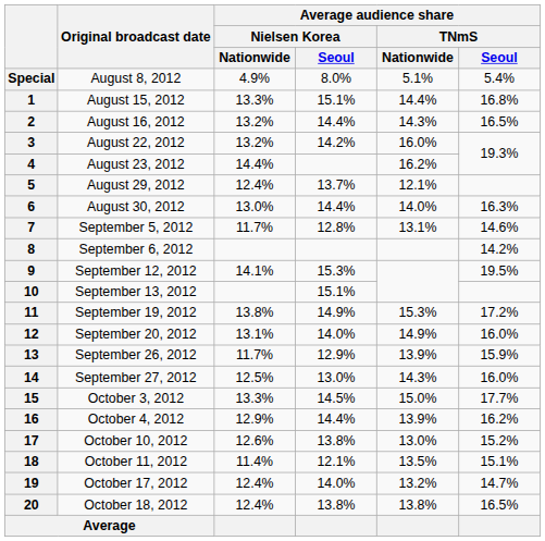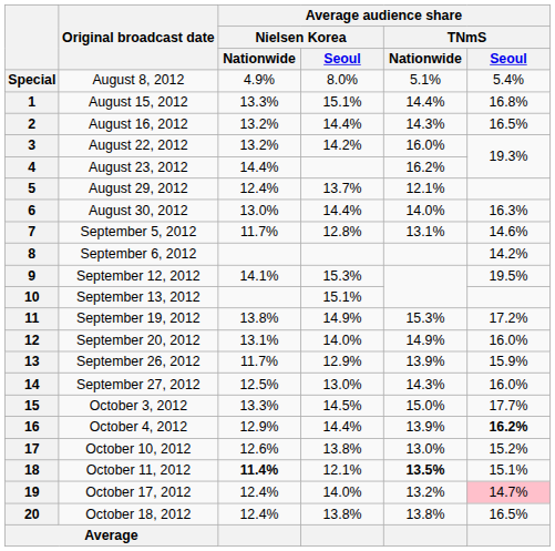 <table class="wikitable" style="text-align:center">
 <tr>
 <th rowspan="3"></th>
 <th rowspan="3">Original broadcast date</th>
 <th colspan="4">Average audience share</th>
 </tr>
 <tr>
 <th colspan="2">Nielsen Korea</th>
 <th colspan="2">TNmS</th>
 </tr>
 <tr>
 <th width="90">Nationwide</th>
 <th width="90"><a href='#'>Seoul</a></th>
 <th width="90">Nationwide</th>
 <th width="90"><a href='#'>Seoul</a></th>
 </tr>
 <tr>
 <th>Special</th>
 <td>August 8, 2012</td>
 <td>4.9%</td>
 <td>8.0%</td>
 <td>5.1%</td>
 <td>5.4%</td>
 </tr>
 <tr>
 <th>1</th>
 <td>August 15, 2012</td>
 <td>13.3%</td>
 <td>15.1%</td>
 <td>14.4%</td>
 <td>16.8%</td>
 </tr>
 <tr>
 <th>2</th>
 <td>August 16, 2012</td>
 <td>13.2%</td>
 <td>14.4%</td>
 <td>14.3%</td>
 <td>16.5%</td>
 </tr>
 <tr>
 <th>3</th>
 <td>August 22, 2012</td>
 <td>13.2%</td>
 <td>14.2%</td>
 <td>16.0%</td>
 <td rowspan="2">19.3%</td>
 </tr>
 <tr>
 <th>4</th>
 <td>August 23, 2012</td>
 <td>14.4%</td>
 <td><strong></strong></td>
 <td>16.2%</td>
 </tr>
 <tr>
 <th>5</th>
 <td>August 29, 2012</td>
 <td>12.4%</td>
 <td>13.7%</td>
 <td>12.1%</td>
 <td><strong></strong></td>
 </tr>
 <tr>
 <th>6</th>
 <td>August 30, 2012</td>
 <td>13.0%</td>
 <td>14.4%</td>
 <td>14.0%</td>
 <td>16.3%</td>
 </tr>
 <tr>
 <th>7</th>
 <td>September 5, 2012</td>
 <td>11.7%</td>
 <td>12.8%</td>
 <td>13.1%</td>
 <td>14.6%</td>
 </tr>
 <tr>
 <th>8</th>
 <td>September 6, 2012</td>
 <td><strong></strong></td>
 <td><strong></strong></td>
 <td><strong></strong></td>
 <td>14.2%</td>
 </tr>
 <tr>
 <th>9</th>
 <td>September 12, 2012</td>
 <td>14.1%</td>
 <td>15.3%</td>
 <td rowspan="2"><strong></strong></td>
 <td>19.5%</td>
 </tr>
 <tr>
 <th>10</th>
 <td>September 13, 2012</td>
 <td><strong></strong></td>
 <td>15.1%</td>
 <td><strong></strong></td>
 </tr>
 <tr>
 <th>11</th>
 <td>September 19, 2012</td>
 <td>13.8%</td>
 <td>14.9%</td>
 <td>15.3%</td>
 <td>17.2%</td>
 </tr>
 <tr>
 <th>12</th>
 <td>September 20, 2012</td>
 <td>13.1%</td>
 <td>14.0%</td>
 <td>14.9%</td>
 <td>16.0%</td>
 </tr>
 <tr>
 <th>13</th>
 <td>September 26, 2012</td>
 <td>11.7%</td>
 <td>12.9%</td>
 <td>13.9%</td>
 <td>15.9%</td>
 </tr>
 <tr>
 <th>14</th>
 <td>September 27, 2012</td>
 <td>12.5%</td>
 <td>13.0%</td>
 <td>14.3%</td>
 <td>16.0%</td>
 </tr>
 <tr>
 <th>15</th>
 <td>October 3, 2012</td>
 <td>13.3%</td>
 <td>14.5%</td>
 <td>15.0%</td>
 <td>17.7%</td>
 </tr>
 <tr>
 <th>16</th>
 <td>October 4, 2012</td>
 <td>12.9%</td>
 <td>14.4%</td>
 <td>13.9%</td>
-<td>16.2%</td>
+<td><strong>16.2%</strong></td>
 </tr>
 <tr>
 <th>17</th>
 <td>October 10, 2012</td>
 <td>12.6%</td>
 <td>13.8%</td>
 <td>13.0%</td>
 <td>15.2%</td>
 </tr>
 <tr>
 <th>18</th>
 <td>October 11, 2012</td>
-<td>11.4%</td>
+<td><strong>11.4%</strong></td>
 <td>12.1%</td>
-<td>13.5%</td>
+<td><strong>13.5%</strong></td>
 <td>15.1%</td>
 </tr>
 <tr>
 <th>19</th>
 <td>October 17, 2012</td>
 <td>12.4%</td>
 <td>14.0%</td>
 <td>13.2%</td>
-<td>14.7%</td>
+<td style="background: pink;">14.7%</td>
 </tr>
 <tr>
 <th>20</th>
 <td>October 18, 2012</td>
 <td>12.4%</td>
 <td>13.8%</td>
 <td>13.8%</td>
 <td>16.5%</td>
 </tr>
 <tr>
 <th colspan="2">Average</th>
 <th></th>
 <th></th>
 <th></th>
 <th></th>
 </tr>
 </table>
